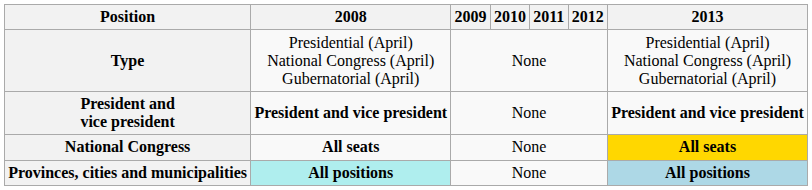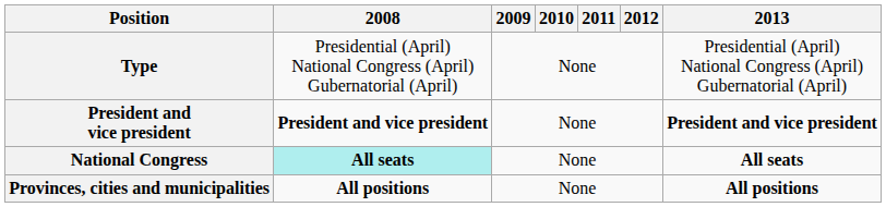 <table class=wikitable style="text-align:center;">
 <tr>
 <th>Position</th>
 <th>2008</th>
 <th>2009</th>
 <th>2010</th>
 <th>2011</th>
 <th>2012</th>
 <th>2013</th>
 </tr>
 <tr>
 <th>Type</th>
 <td>Presidential (April)<br>National Congress (April)<br>Gubernatorial (April)</td>
 <td colspan=4>None</td>
 <td>Presidential (April)<br>National Congress (April)<br>Gubernatorial (April)</td>
 </tr>
 <tr>
 <th>President and<br>vice president</th>
 <td><strong>President and vice president</strong></td>
 <td colspan=4>None</td>
 <td><strong>President and vice president</strong></td>
 </tr>
 <tr>
 <th>National Congress</th>
+<td style="background: paleturquoise;"><strong>All seats</strong></td>
+<td colspan=4>None</td>
 <td><strong>All seats</strong></td>
-<td colspan=4>None</td>
-<td style="background: gold;"><strong>All seats</strong></td>
 </tr>
 <tr>
 <th>Provinces, cities and municipalities</th>
-<td style="background: paleturquoise;"><strong>All positions</strong></td>
+<td><strong>All positions</strong></td>
 <td colspan=4>None</td>
-<td style="background: lightblue;"><strong>All positions</strong></td>
+<td><strong>All positions</strong></td>
 </tr>
 </table>
